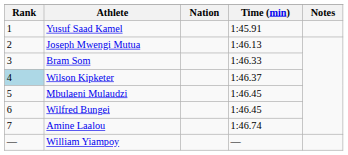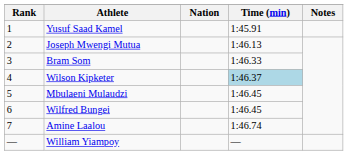 <table class="wikitable" width=85%>
 <tr>
 </tr>
 <tr>
 <th>Rank</th>
 <th>Athlete</th>
 <th>Nation</th>
 <th>Time (<a href='#'>min</a>)</th>
 <th>Notes</th>
 </tr>
 <tr>
 <td>1</td>
 <td><a href='#'>Yusuf Saad Kamel</a></td>
 <td></td>
 <td>1:45.91</td>
 <td></td>
 </tr>
 <tr>
 <td>2</td>
 <td><a href='#'>Joseph Mwengi Mutua</a></td>
 <td></td>
 <td>1:46.13</td>
 </tr>
 <tr>
 <td>3</td>
 <td><a href='#'>Bram Som</a></td>
 <td></td>
 <td>1:46.33</td>
 </tr>
 <tr>
-<td style="background: lightblue;">4</td>
+<td>4</td>
 <td><a href='#'>Wilson Kipketer</a></td>
 <td></td>
-<td>1:46.37</td>
+<td style="background: lightblue;">1:46.37</td>
 </tr>
 <tr>
 <td>5</td>
 <td><a href='#'>Mbulaeni Mulaudzi</a></td>
 <td></td>
 <td>1:46.45</td>
 </tr>
 <tr>
 <td>6</td>
 <td><a href='#'>Wilfred Bungei</a></td>
 <td></td>
 <td>1:46.45</td>
 </tr>
 <tr>
 <td>7</td>
 <td><a href='#'>Amine Laalou</a></td>
 <td></td>
 <td>1:46.74</td>
 </tr>
 <tr>
 <td>—</td>
 <td><a href='#'>William Yiampoy</a></td>
 <td></td>
 <td>—</td>
 <td></td>
 </tr>
 </table>
